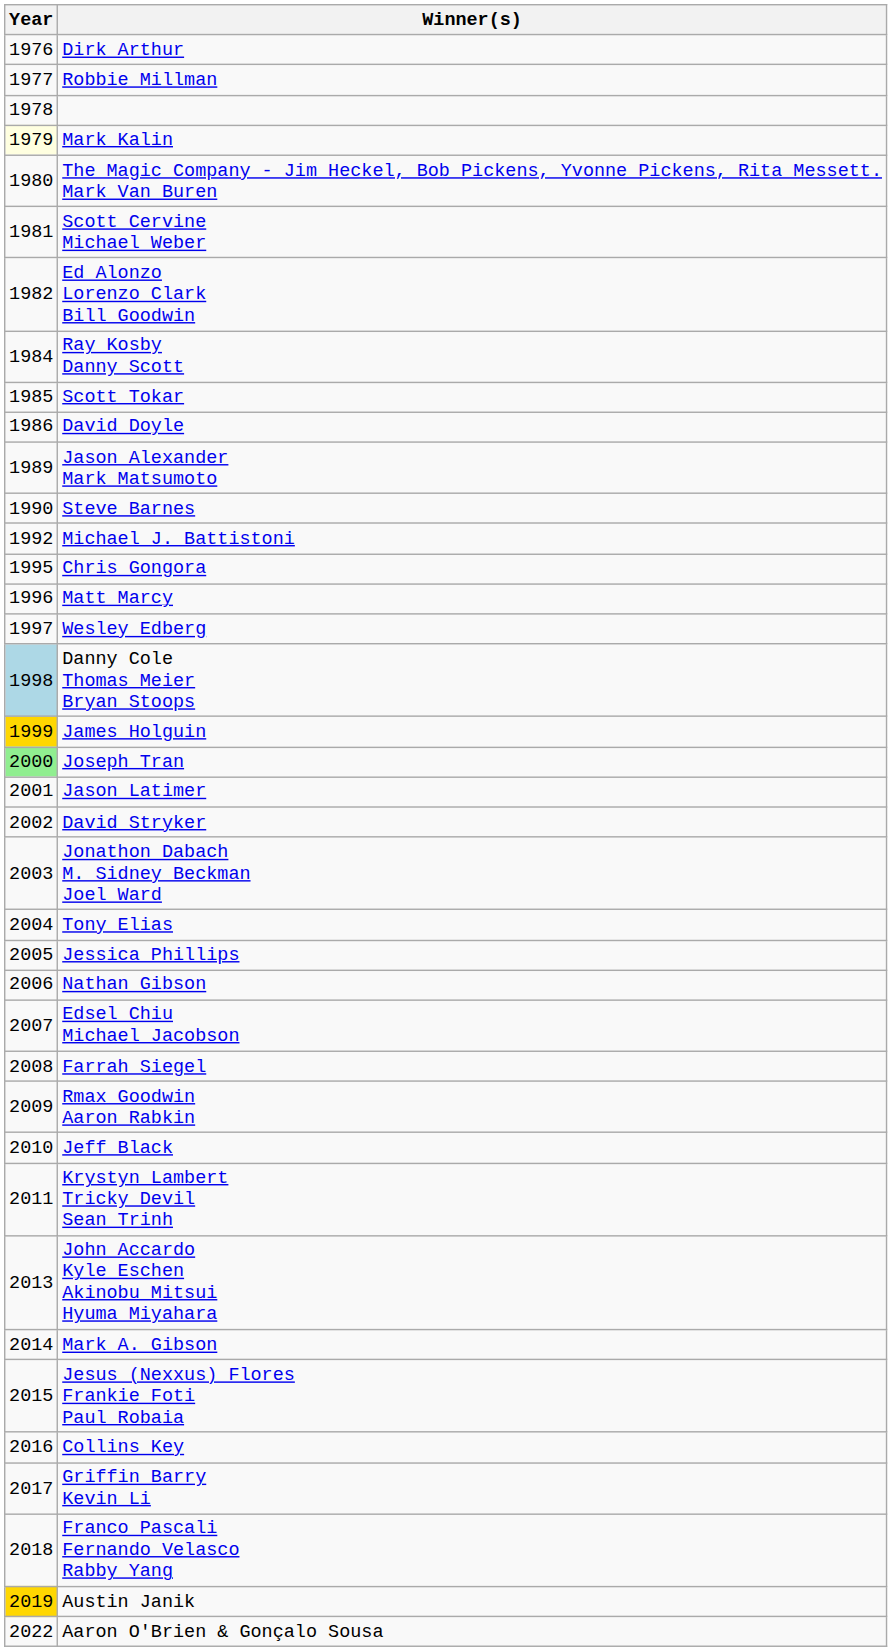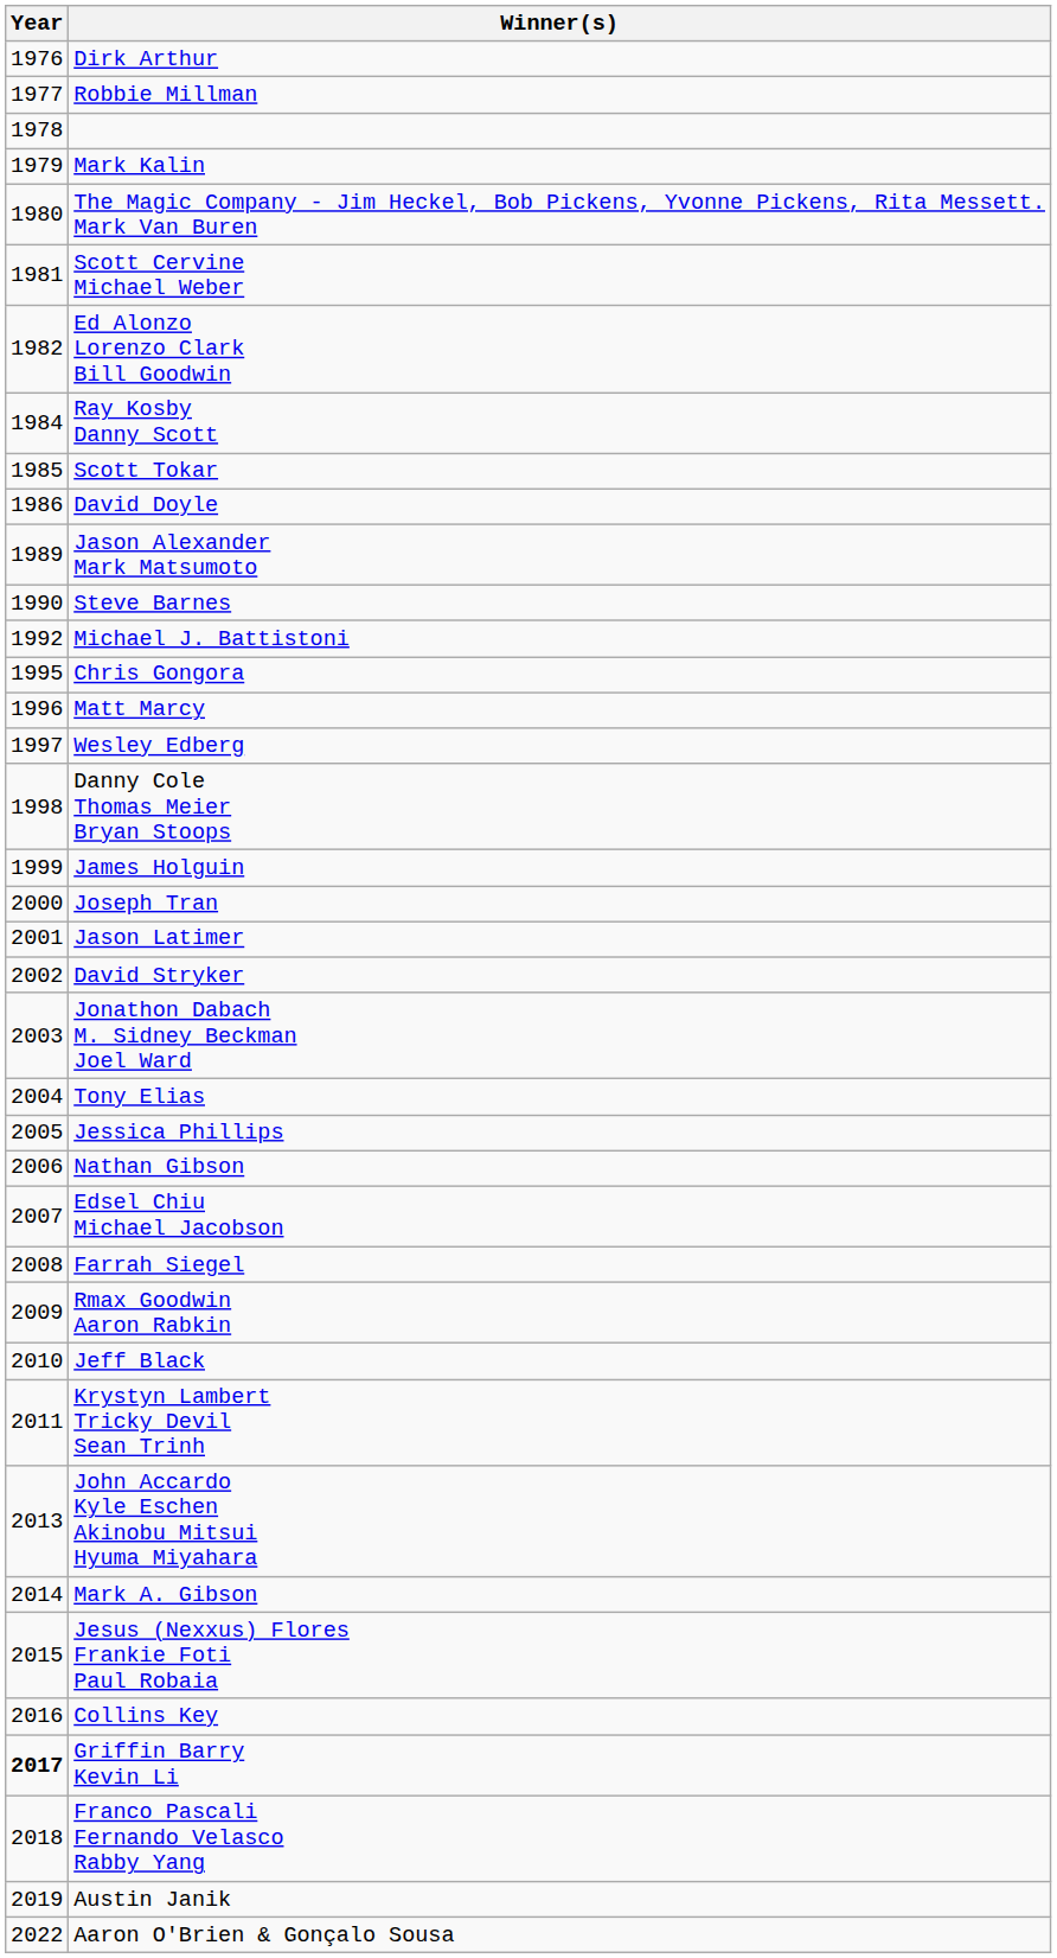 <table class="wikitable sortable">
 <tr>
 <th>Year</th>
 <th>Winner(s)</th>
 </tr>
 <tr>
 <td>1976</td>
 <td><a href='#'>Dirk Arthur</a></td>
 </tr>
 <tr>
 <td>1977</td>
 <td><a href='#'>Robbie Millman</a></td>
 </tr>
 <tr>
 <td>1978</td>
 <td></td>
 </tr>
 <tr>
-<td style="background: lightyellow;">1979</td>
+<td>1979</td>
 <td><a href='#'>Mark Kalin</a></td>
 </tr>
 <tr>
 <td>1980</td>
 <td><a href='#'>The Magic Company - Jim Heckel, Bob Pickens, Yvonne Pickens, Rita Messett.</a><br><a href='#'>Mark Van Buren</a></td>
 </tr>
 <tr>
 <td>1981</td>
 <td><a href='#'>Scott Cervine</a><br><a href='#'>Michael Weber</a></td>
 </tr>
 <tr>
 <td>1982</td>
 <td><a href='#'>Ed Alonzo</a><br><a href='#'>Lorenzo Clark</a><br><a href='#'>Bill Goodwin</a></td>
 </tr>
 <tr>
 <td>1984</td>
 <td><a href='#'>Ray Kosby</a><br><a href='#'>Danny Scott</a></td>
 </tr>
 <tr>
 <td>1985</td>
 <td><a href='#'>Scott Tokar</a></td>
 </tr>
 <tr>
 <td>1986</td>
 <td><a href='#'>David Doyle</a></td>
 </tr>
 <tr>
 <td>1989</td>
 <td><a href='#'>Jason Alexander</a><br><a href='#'>Mark Matsumoto</a></td>
 </tr>
 <tr>
 <td>1990</td>
 <td><a href='#'>Steve Barnes</a></td>
 </tr>
 <tr>
 <td>1992</td>
 <td><a href='#'>Michael J. Battistoni</a></td>
 </tr>
 <tr>
 <td>1995</td>
 <td><a href='#'>Chris Gongora</a></td>
 </tr>
 <tr>
 <td>1996</td>
 <td><a href='#'>Matt Marcy</a></td>
 </tr>
 <tr>
 <td>1997</td>
 <td><a href='#'>Wesley Edberg</a></td>
 </tr>
 <tr>
-<td style="background: lightblue;">1998</td>
+<td>1998</td>
 <td>Danny Cole<br><a href='#'>Thomas Meier</a><br><a href='#'>Bryan Stoops</a></td>
 </tr>
 <tr>
-<td style="background: gold;">1999</td>
+<td>1999</td>
 <td><a href='#'>James Holguin</a></td>
 </tr>
 <tr>
-<td style="background: lightgreen;">2000</td>
+<td>2000</td>
 <td><a href='#'>Joseph Tran</a></td>
 </tr>
 <tr>
 <td>2001</td>
 <td><a href='#'>Jason Latimer</a></td>
 </tr>
 <tr>
 <td>2002</td>
 <td><a href='#'>David Stryker</a></td>
 </tr>
 <tr>
 <td>2003</td>
 <td><a href='#'>Jonathon Dabach</a><br><a href='#'>M. Sidney Beckman</a><br><a href='#'>Joel Ward</a></td>
 </tr>
 <tr>
 <td>2004</td>
 <td><a href='#'>Tony Elias</a></td>
 </tr>
 <tr>
 <td>2005</td>
 <td><a href='#'>Jessica Phillips</a></td>
 </tr>
 <tr>
 <td>2006</td>
 <td><a href='#'>Nathan Gibson</a></td>
 </tr>
 <tr>
 <td>2007</td>
 <td><a href='#'>Edsel Chiu</a><br><a href='#'>Michael Jacobson</a></td>
 </tr>
 <tr>
 <td>2008</td>
 <td><a href='#'>Farrah Siegel</a></td>
 </tr>
 <tr>
 <td>2009</td>
 <td><a href='#'>Rmax Goodwin</a><br><a href='#'>Aaron Rabkin</a></td>
 </tr>
 <tr>
 <td>2010</td>
 <td><a href='#'>Jeff Black</a></td>
 </tr>
 <tr>
 <td>2011</td>
 <td><a href='#'>Krystyn Lambert</a><br><a href='#'>Tricky Devil</a><br><a href='#'>Sean Trinh</a></td>
 </tr>
 <tr>
 <td>2013</td>
 <td><a href='#'>John Accardo</a><br><a href='#'>Kyle Eschen</a><br><a href='#'>Akinobu Mitsui</a><br><a href='#'>Hyuma Miyahara</a></td>
 </tr>
 <tr>
 <td>2014</td>
 <td><a href='#'>Mark A. Gibson</a></td>
 </tr>
 <tr>
 <td>2015</td>
 <td><a href='#'>Jesus (Nexxus) Flores</a><br><a href='#'>Frankie Foti</a><br><a href='#'>Paul Robaia</a></td>
 </tr>
 <tr>
 <td>2016</td>
 <td><a href='#'>Collins Key</a></td>
 </tr>
 <tr>
-<td>2017</td>
+<td><strong>2017</strong></td>
 <td><a href='#'>Griffin Barry</a><br><a href='#'>Kevin Li</a></td>
 </tr>
 <tr>
 <td>2018</td>
 <td><a href='#'>Franco Pascali</a><br><a href='#'>Fernando Velasco</a><br><a href='#'>Rabby Yang</a></td>
 </tr>
 <tr>
-<td style="background: gold;">2019</td>
+<td>2019</td>
 <td>Austin Janik</td>
 </tr>
 <tr>
 <td>2022</td>
 <td>Aaron O'Brien & Gonçalo Sousa</td>
 </tr>
 </table>
